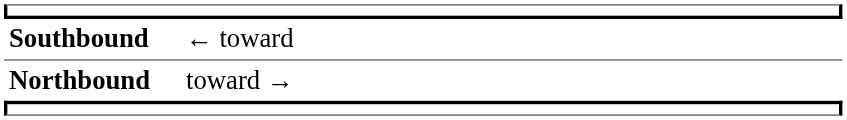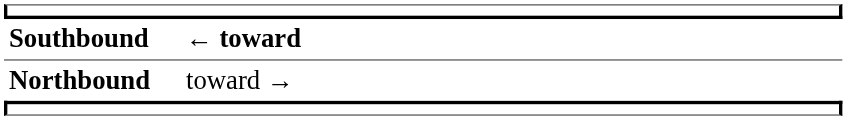 <table border=0 cellspacing=0 cellpadding=3>
 <tr>
 <td style="border-top:solid 1px gray;border-right:solid 2px black;border-left:solid 2px black;border-bottom:solid 2px black;text-align:center;" colspan=2></td>
 </tr>
 <tr>
 <td style="border-bottom:solid 1px gray;" width=100><strong>Southbound</strong></td>
-<td style="border-bottom:solid 1px gray;" width=390>←   toward  </td>
+<td style="border-bottom:solid 1px gray;" width=390><strong>←   toward  </strong></td>
 </tr>
 <tr>
 <td><strong>Northbound</strong></td>
 <td>   toward   →</td>
 </tr>
 <tr>
 <td style="border-top:solid 2px black;border-right:solid 2px black;border-left:solid 2px black;border-bottom:solid 1px gray;text-align:center;" colspan=2></td>
 </tr>
 </table>
